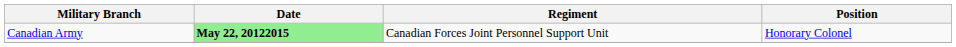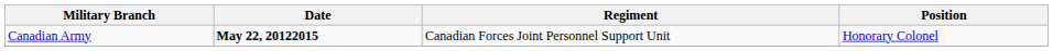 <table class="wikitable" style="width:100%;">
 <tr>
 <th style="width:20%;">Military Branch</th>
 <th style="width:20%;">Date</th>
 <th style="width:40%;">Regiment</th>
 <th style="width:20%;">Position</th>
 </tr>
 <tr>
 <td> <a href='#'>Canadian Army</a></td>
-<td style="background: lightgreen;"><strong>May 22, 20122015</strong></td>
+<td><strong>May 22, 20122015</strong></td>
 <td>Canadian Forces Joint Personnel Support Unit</td>
 <td><a href='#'>Honorary Colonel</a></td>
 </tr>
 <tr>
 </tr>
 </table>
